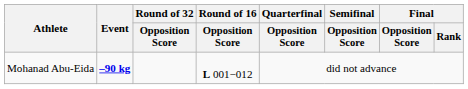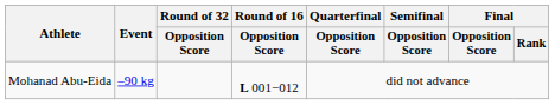 <table class=wikitable style=font-size:90%;text-align:center>
 <tr>
 <th rowspan=2>Athlete</th>
 <th rowspan=2>Event</th>
 <th>Round of 32</th>
 <th>Round of 16</th>
 <th>Quarterfinal</th>
 <th>Semifinal</th>
 <th colspan=2>Final</th>
 </tr>
 <tr style=font-size:95%>
 <th>Opposition<br>Score</th>
 <th>Opposition<br>Score</th>
 <th>Opposition<br>Score</th>
 <th>Opposition<br>Score</th>
 <th>Opposition<br>Score</th>
 <th>Rank</th>
 </tr>
 <tr>
 <td align=left>Mohanad Abu-Eida</td>
-<td align=left><strong><a href='#'>–90 kg</a></strong></td>
+<td align=left><a href='#'>–90 kg</a></td>
 <td></td>
 <td><br><strong>L</strong> 001−012</td>
 <td colspan=4>did not advance</td>
 </tr>
 </table>
